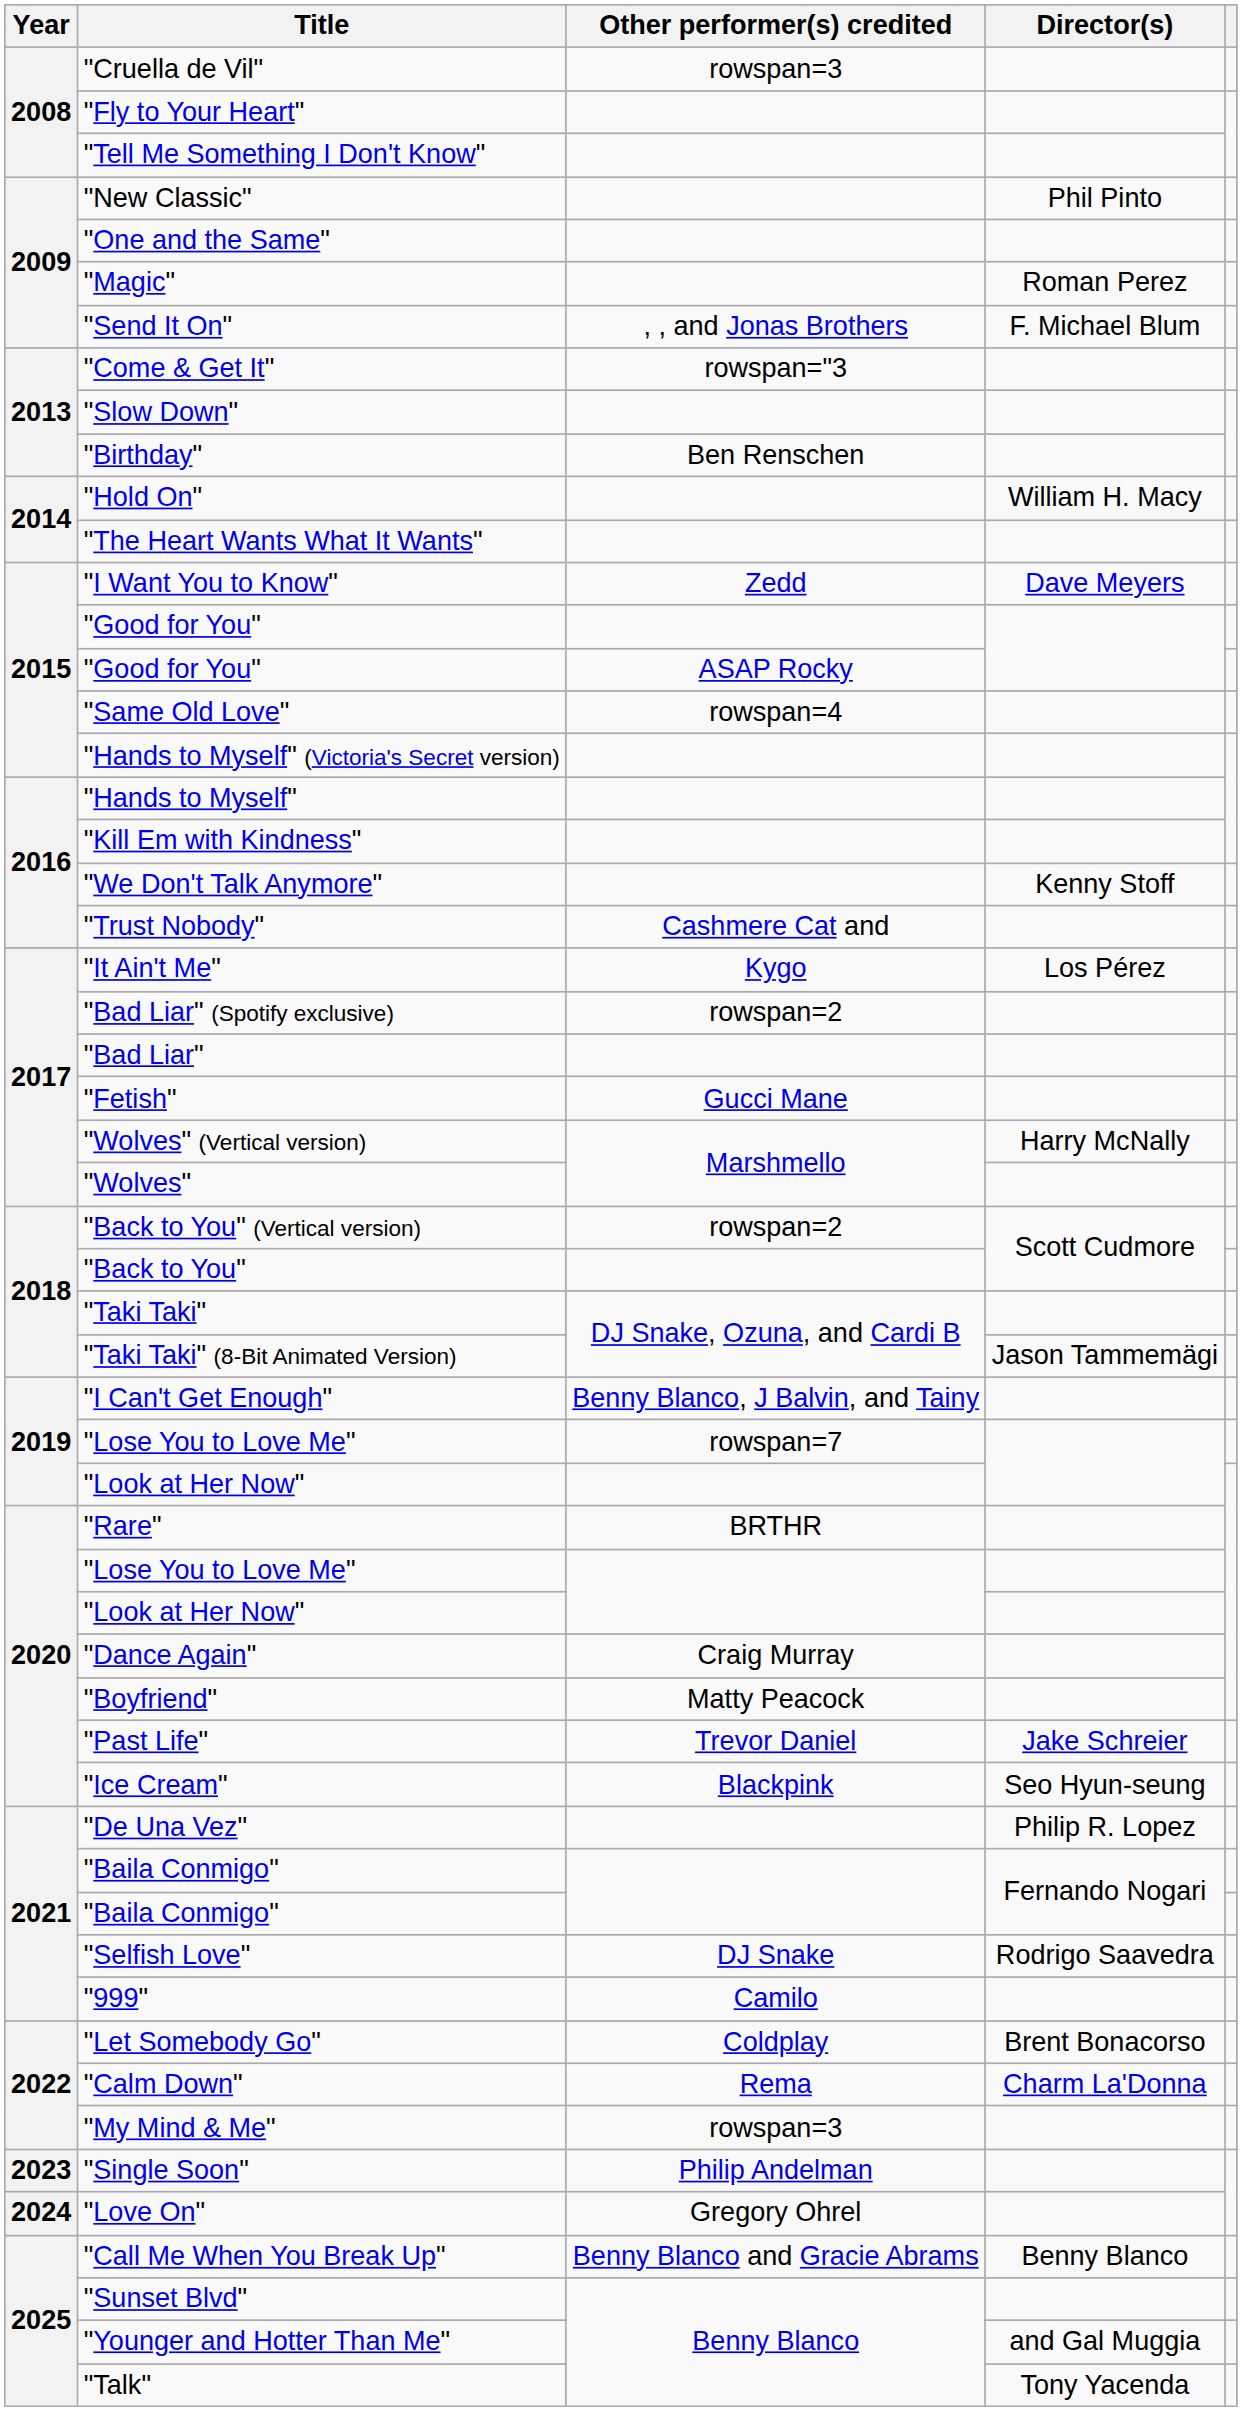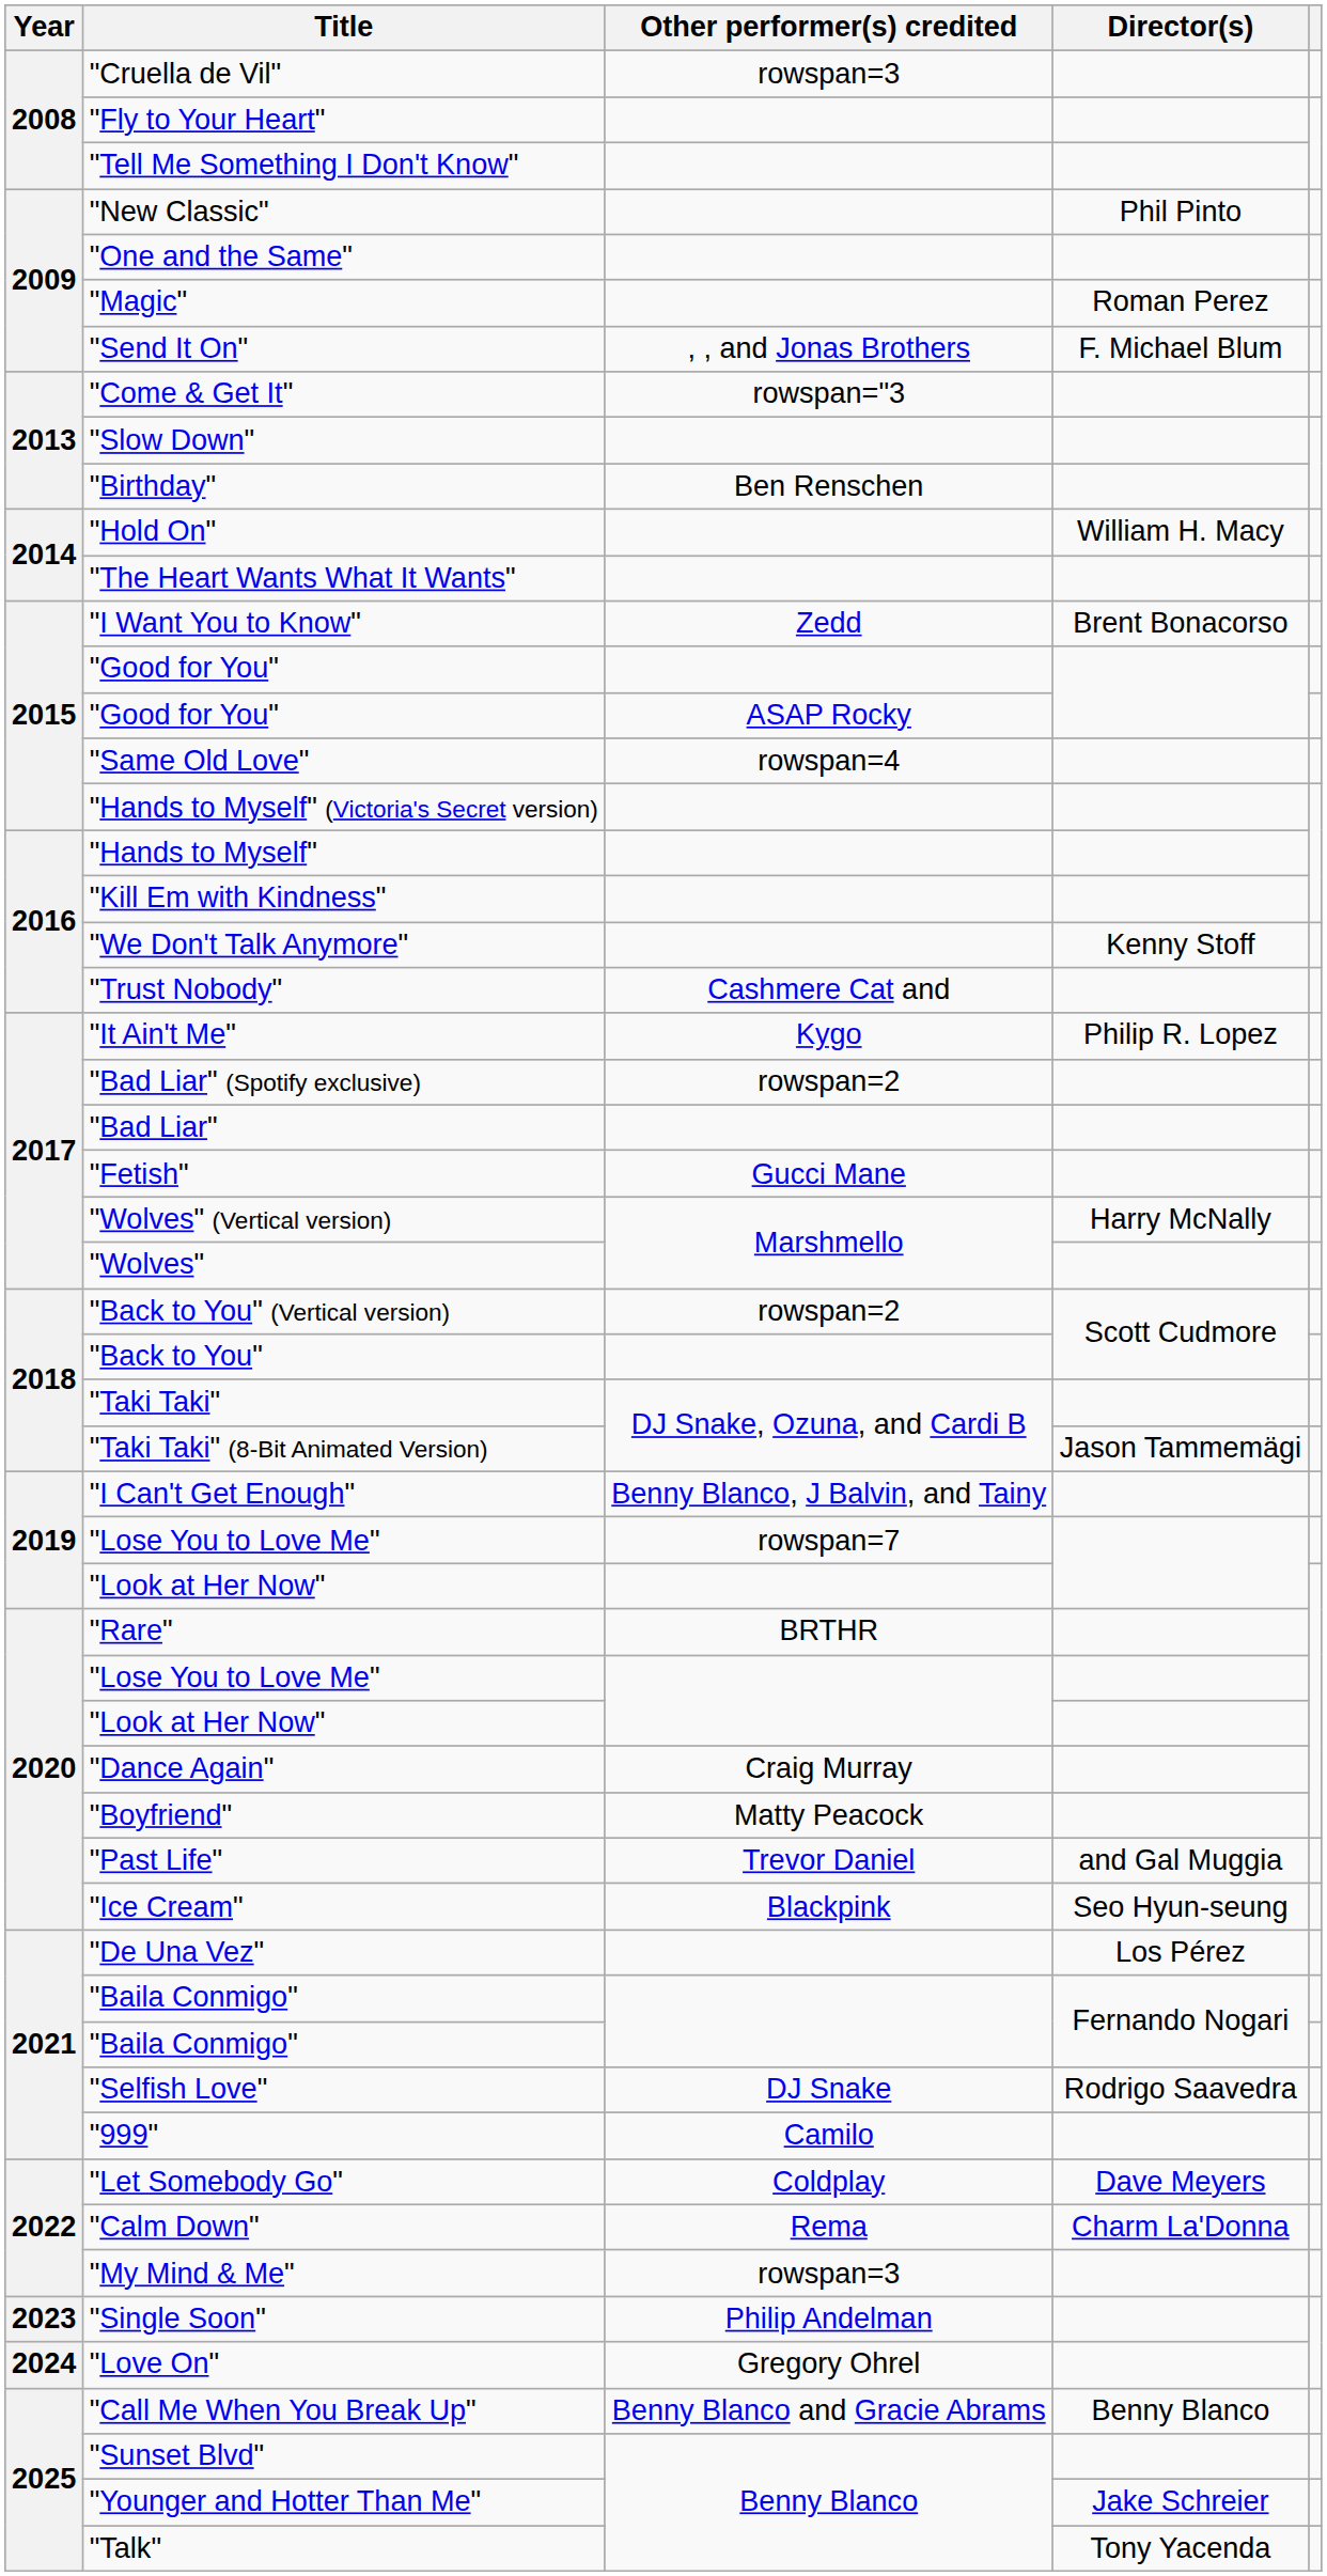 <table class="wikitable sortable plainrowheaders" style="text-align:center;">
 <tr>
 <th scope="col">Year</th>
 <th scope="col">Title</th>
 <th scope="col">Other performer(s) credited</th>
 <th scope="col">Director(s)</th>
 <th scope="col"></th>
 </tr>
 <tr>
 <th scope="row" rowspan="3">2008</th>
 <td style="text-align:left;">"Cruella de Vil"</td>
 <td>rowspan=3 </td>
 <td></td>
 <td></td>
 </tr>
 <tr>
 <td style="text-align:left;">"<a href='#'>Fly to Your Heart</a>"</td>
 <td></td>
 <td></td>
 </tr>
 <tr>
 <td style="text-align:left;">"<a href='#'>Tell Me Something I Don't Know</a>"</td>
 <td></td>
 <td></td>
 </tr>
 <tr>
 <th scope="row" rowspan="4">2009</th>
 <td style="text-align:left;">"New Classic"</td>
 <td></td>
 <td>Phil Pinto</td>
 <td></td>
 </tr>
 <tr>
 <td style="text-align:left;">"<a href='#'>One and the Same</a>"</td>
 <td></td>
 <td></td>
 <td></td>
 </tr>
 <tr>
 <td style="text-align:left;">"<a href='#'>Magic</a>"</td>
 <td></td>
 <td>Roman Perez</td>
 <td></td>
 </tr>
 <tr>
 <td style="text-align:left;">"<a href='#'>Send It On</a>"</td>
 <td>, , and <a href='#'>Jonas Brothers</a></td>
 <td>F. Michael Blum</td>
 <td></td>
 </tr>
 <tr>
 <th scope="row" rowspan="3">2013</th>
 <td style="text-align:left;">"<a href='#'>Come & Get It</a>"</td>
 <td>rowspan="3 </td>
 <td></td>
 <td></td>
 </tr>
 <tr>
 <td style="text-align:left;">"<a href='#'>Slow Down</a>"</td>
 <td></td>
 <td></td>
 </tr>
 <tr>
 <td style="text-align:left;">"<a href='#'>Birthday</a>"</td>
 <td>Ben Renschen</td>
 <td></td>
 </tr>
 <tr>
 <th scope="row" rowspan="2">2014</th>
 <td style="text-align:left;">"<a href='#'>Hold On</a>"</td>
 <td></td>
 <td>William H. Macy</td>
 <td></td>
 </tr>
 <tr>
 <td style="text-align:left;">"<a href='#'>The Heart Wants What It Wants</a>"</td>
 <td></td>
 <td></td>
 <td></td>
 </tr>
 <tr>
 <th scope="row" rowspan="5">2015</th>
 <td style="text-align:left;">"<a href='#'>I Want You to Know</a>"</td>
 <td><a href='#'>Zedd</a></td>
-<td><a href='#'>Dave Meyers</a></td>
+<td>Brent Bonacorso</td>
 <td></td>
 </tr>
 <tr>
 <td style="text-align:left;">"<a href='#'>Good for You</a>"</td>
 <td></td>
 <td rowspan="2"></td>
 <td></td>
 </tr>
 <tr>
 <td style="text-align:left;">"<a href='#'>Good for You</a>" </td>
 <td><a href='#'>ASAP Rocky</a></td>
 <td></td>
 </tr>
 <tr>
 <td style="text-align:left;">"<a href='#'>Same Old Love</a>"</td>
 <td>rowspan=4 </td>
 <td></td>
 <td></td>
 </tr>
 <tr>
 <td style="text-align:left;">"<a href='#'>Hands to Myself</a>" <small>(<a href='#'>Victoria's Secret</a> version)</small></td>
 <td></td>
 <td></td>
 </tr>
 <tr>
 <th scope="row" rowspan="4">2016</th>
 <td style="text-align:left;">"<a href='#'>Hands to Myself</a>"</td>
 <td></td>
 <td></td>
 </tr>
 <tr>
 <td style="text-align:left;">"<a href='#'>Kill Em with Kindness</a>"</td>
 <td></td>
 <td></td>
 </tr>
 <tr>
 <td style="text-align:left;">"<a href='#'>We Don't Talk Anymore</a>"</td>
 <td></td>
 <td>Kenny Stoff</td>
 <td></td>
 </tr>
 <tr>
 <td style="text-align:left;">"<a href='#'>Trust Nobody</a>"</td>
 <td><a href='#'>Cashmere Cat</a> and </td>
 <td></td>
 <td></td>
 </tr>
 <tr>
 <th scope="row" rowspan="6">2017</th>
 <td style="text-align:left;">"<a href='#'>It Ain't Me</a>"</td>
 <td><a href='#'>Kygo</a></td>
-<td>Los Pérez</td>
+<td>Philip R. Lopez</td>
 <td></td>
 </tr>
 <tr>
 <td style="text-align:left;">"<a href='#'>Bad Liar</a>" <small>(Spotify exclusive)</small></td>
 <td>rowspan=2 </td>
 <td></td>
 <td></td>
 </tr>
 <tr>
 <td style="text-align:left;">"<a href='#'>Bad Liar</a>"</td>
 <td></td>
 <td></td>
 </tr>
 <tr>
 <td style="text-align:left;">"<a href='#'>Fetish</a>"</td>
 <td><a href='#'>Gucci Mane</a></td>
 <td></td>
 <td></td>
 </tr>
 <tr>
 <td style="text-align:left;">"<a href='#'>Wolves</a>" <small>(Vertical version)</small></td>
 <td rowspan="2"><a href='#'>Marshmello</a></td>
 <td>Harry McNally</td>
 <td></td>
 </tr>
 <tr>
 <td style="text-align:left;">"<a href='#'>Wolves</a>"</td>
 <td></td>
 <td></td>
 </tr>
 <tr>
 <th scope="row" rowspan="4">2018</th>
 <td style="text-align:left;">"<a href='#'>Back to You</a>" <small>(Vertical version)</small></td>
 <td>rowspan=2 </td>
 <td rowspan="2">Scott Cudmore</td>
 <td></td>
 </tr>
 <tr>
 <td style="text-align:left;">"<a href='#'>Back to You</a>"</td>
 <td></td>
 </tr>
 <tr>
 <td style="text-align:left;">"<a href='#'>Taki Taki</a>"</td>
 <td rowspan="2"><a href='#'>DJ Snake</a>, <a href='#'>Ozuna</a>, and <a href='#'>Cardi B</a></td>
 <td></td>
 <td></td>
 </tr>
 <tr>
 <td style="text-align:left;">"<a href='#'>Taki Taki</a>" <small>(8-Bit Animated Version)</small></td>
 <td>Jason Tammemägi</td>
 <td></td>
 </tr>
 <tr>
 <th scope="row" rowspan="3">2019</th>
 <td style="text-align:left;">"<a href='#'>I Can't Get Enough</a>"</td>
 <td><a href='#'>Benny Blanco</a>, <a href='#'>J Balvin</a>, and <a href='#'>Tainy</a></td>
 <td></td>
 <td></td>
 </tr>
 <tr>
 <td style="text-align:left;">"<a href='#'>Lose You to Love Me</a>"</td>
 <td>rowspan=7 </td>
 <td rowspan="2"></td>
 <td></td>
 </tr>
 <tr>
 <td style="text-align:left;">"<a href='#'>Look at Her Now</a>"</td>
 <td></td>
 </tr>
 <tr>
 <th scope="row" rowspan="7">2020</th>
 <td style="text-align:left;">"<a href='#'>Rare</a>"</td>
 <td>BRTHR</td>
 <td></td>
 </tr>
 <tr>
 <td style="text-align:left;">"<a href='#'>Lose You to Love Me</a>" </td>
 <td rowspan="2"></td>
 <td></td>
 </tr>
 <tr>
 <td style="text-align:left;">"<a href='#'>Look at Her Now</a>" </td>
 <td></td>
 </tr>
 <tr>
 <td style="text-align:left;">"<a href='#'>Dance Again</a>" </td>
 <td>Craig Murray</td>
 <td></td>
 </tr>
 <tr>
 <td style="text-align:left;">"<a href='#'>Boyfriend</a>"</td>
 <td>Matty Peacock</td>
 <td></td>
 </tr>
 <tr>
 <td style="text-align:left;">"<a href='#'>Past Life</a>"</td>
 <td><a href='#'>Trevor Daniel</a></td>
-<td><a href='#'>Jake Schreier</a></td>
+<td> and Gal Muggia</td>
 <td></td>
 </tr>
 <tr>
 <td style="text-align:left;">"<a href='#'>Ice Cream</a>"</td>
 <td><a href='#'>Blackpink</a></td>
 <td>Seo Hyun-seung</td>
 <td></td>
 </tr>
 <tr>
 <th scope="row" rowspan="5">2021</th>
 <td style="text-align:left;">"<a href='#'>De Una Vez</a>"</td>
 <td></td>
-<td>Philip R. Lopez</td>
+<td>Los Pérez</td>
 <td></td>
 </tr>
 <tr>
 <td style="text-align:left;">"<a href='#'>Baila Conmigo</a>"</td>
 <td rowspan="2"></td>
 <td rowspan="2">Fernando Nogari</td>
 <td></td>
 </tr>
 <tr>
 <td style="text-align:left;">"<a href='#'>Baila Conmigo</a>" </td>
 <td></td>
 </tr>
 <tr>
 <td style="text-align:left;">"<a href='#'>Selfish Love</a>"</td>
 <td><a href='#'>DJ Snake</a></td>
 <td>Rodrigo Saavedra</td>
 <td></td>
 </tr>
 <tr>
 <td style="text-align:left;">"<a href='#'>999</a>"</td>
 <td><a href='#'>Camilo</a></td>
 <td></td>
 <td></td>
 </tr>
 <tr>
 <th scope="row" rowspan="3">2022</th>
 <td style="text-align:left;">"<a href='#'>Let Somebody Go</a>"</td>
 <td><a href='#'>Coldplay</a></td>
-<td>Brent Bonacorso</td>
+<td><a href='#'>Dave Meyers</a></td>
 <td></td>
 </tr>
 <tr>
 <td style="text-align:left;">"<a href='#'>Calm Down</a>"</td>
 <td><a href='#'>Rema</a></td>
 <td><a href='#'>Charm La'Donna</a></td>
 <td></td>
 </tr>
 <tr>
 <td style="text-align:left;">"<a href='#'>My Mind & Me</a>" </td>
 <td>rowspan=3 </td>
 <td></td>
 <td></td>
 </tr>
 <tr>
 <th scope="row">2023</th>
 <td style="text-align:left;">"<a href='#'>Single Soon</a>"</td>
 <td><a href='#'>Philip Andelman</a></td>
 <td></td>
 </tr>
 <tr>
 <th scope="row">2024</th>
 <td style="text-align:left;">"<a href='#'>Love On</a>"</td>
 <td>Gregory Ohrel</td>
 <td></td>
 </tr>
 <tr>
 <th scope="row" rowspan="4">2025</th>
 <td style="text-align:left;">"<a href='#'>Call Me When You Break Up</a>"</td>
 <td><a href='#'>Benny Blanco</a> and <a href='#'>Gracie Abrams</a></td>
 <td>Benny Blanco</td>
 <td></td>
 </tr>
 <tr>
 <td style="text-align:left;">"<a href='#'>Sunset Blvd</a>"</td>
 <td rowspan="3"><a href='#'>Benny Blanco</a></td>
 <td></td>
 <td></td>
 </tr>
 <tr>
 <td style="text-align:left;">"<a href='#'>Younger and Hotter Than Me</a>"</td>
-<td> and Gal Muggia</td>
+<td><a href='#'>Jake Schreier</a></td>
 <td></td>
 </tr>
 <tr>
 <td style="text-align:left;">"Talk"</td>
 <td>Tony Yacenda</td>
 <td></td>
 </tr>
 </table>
